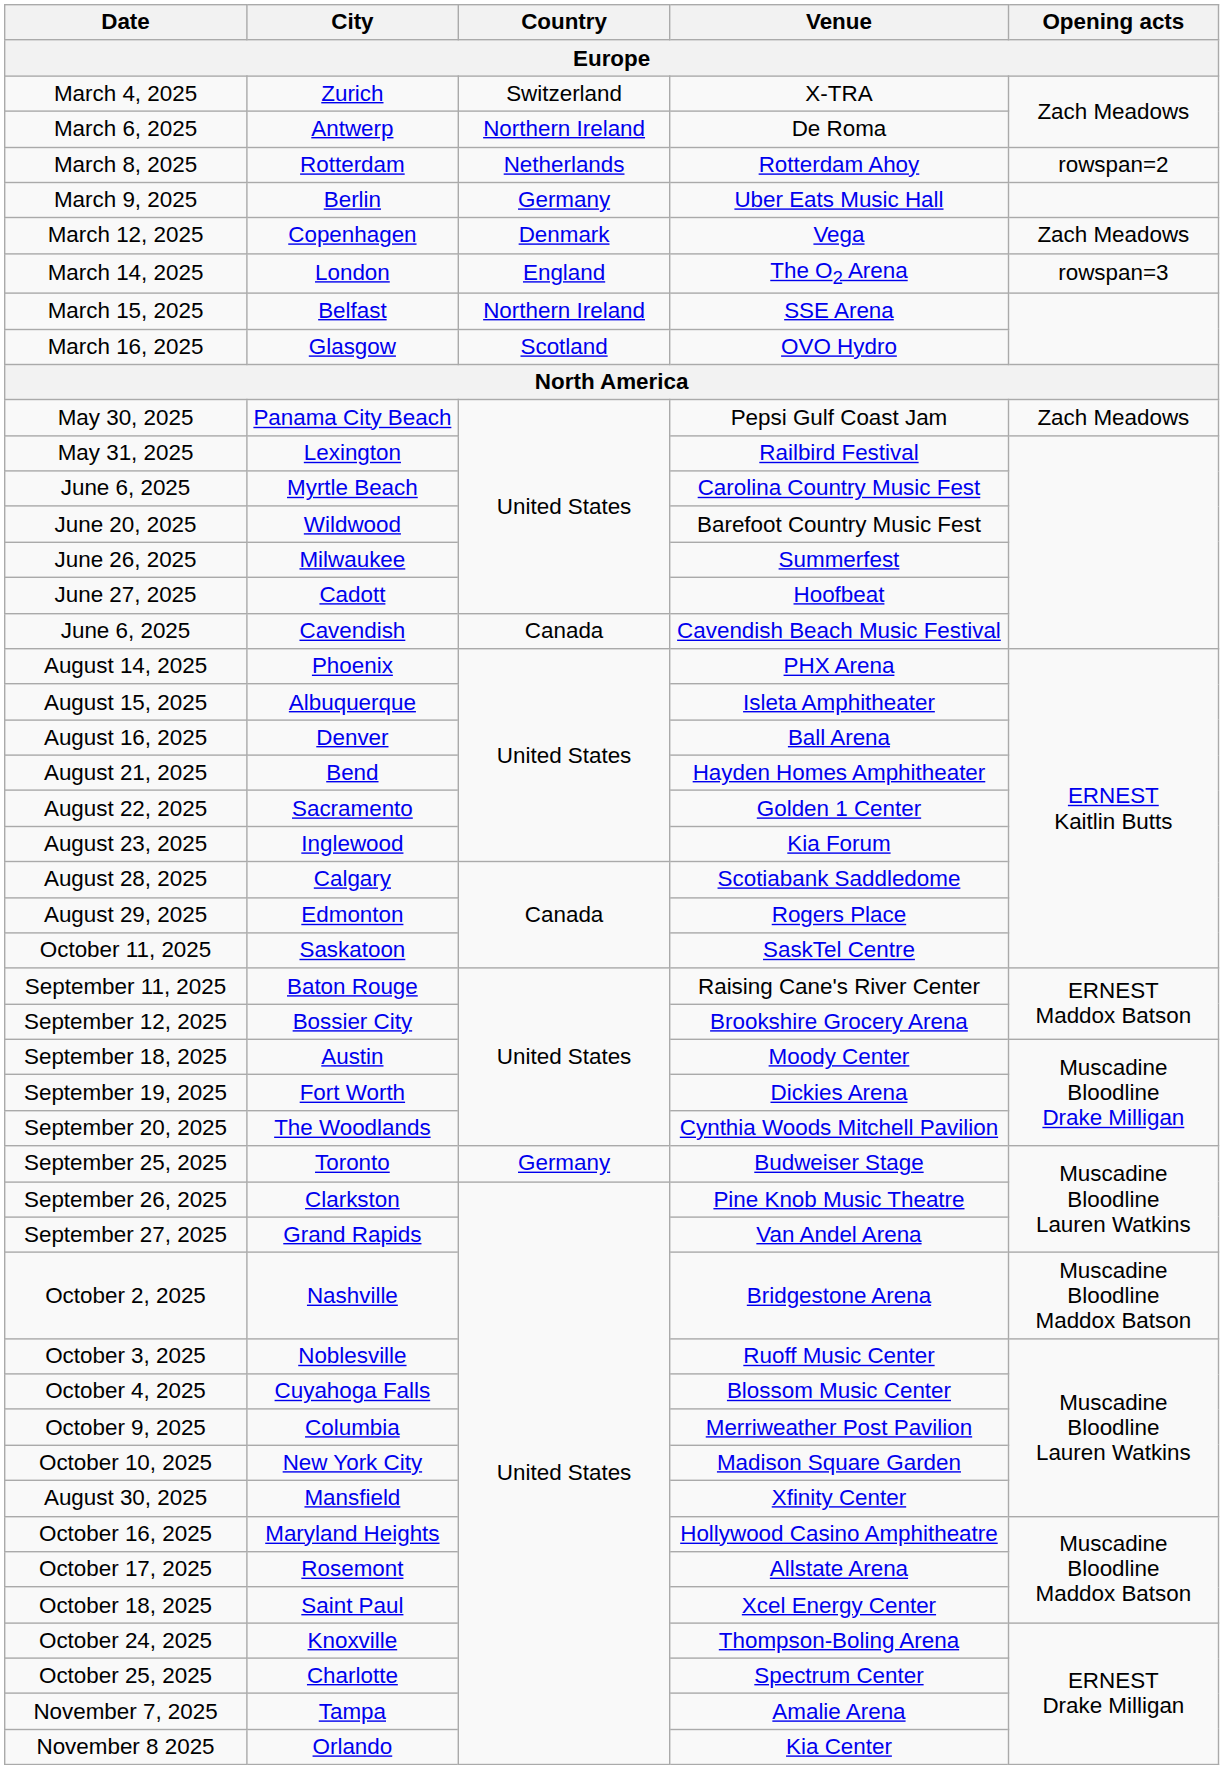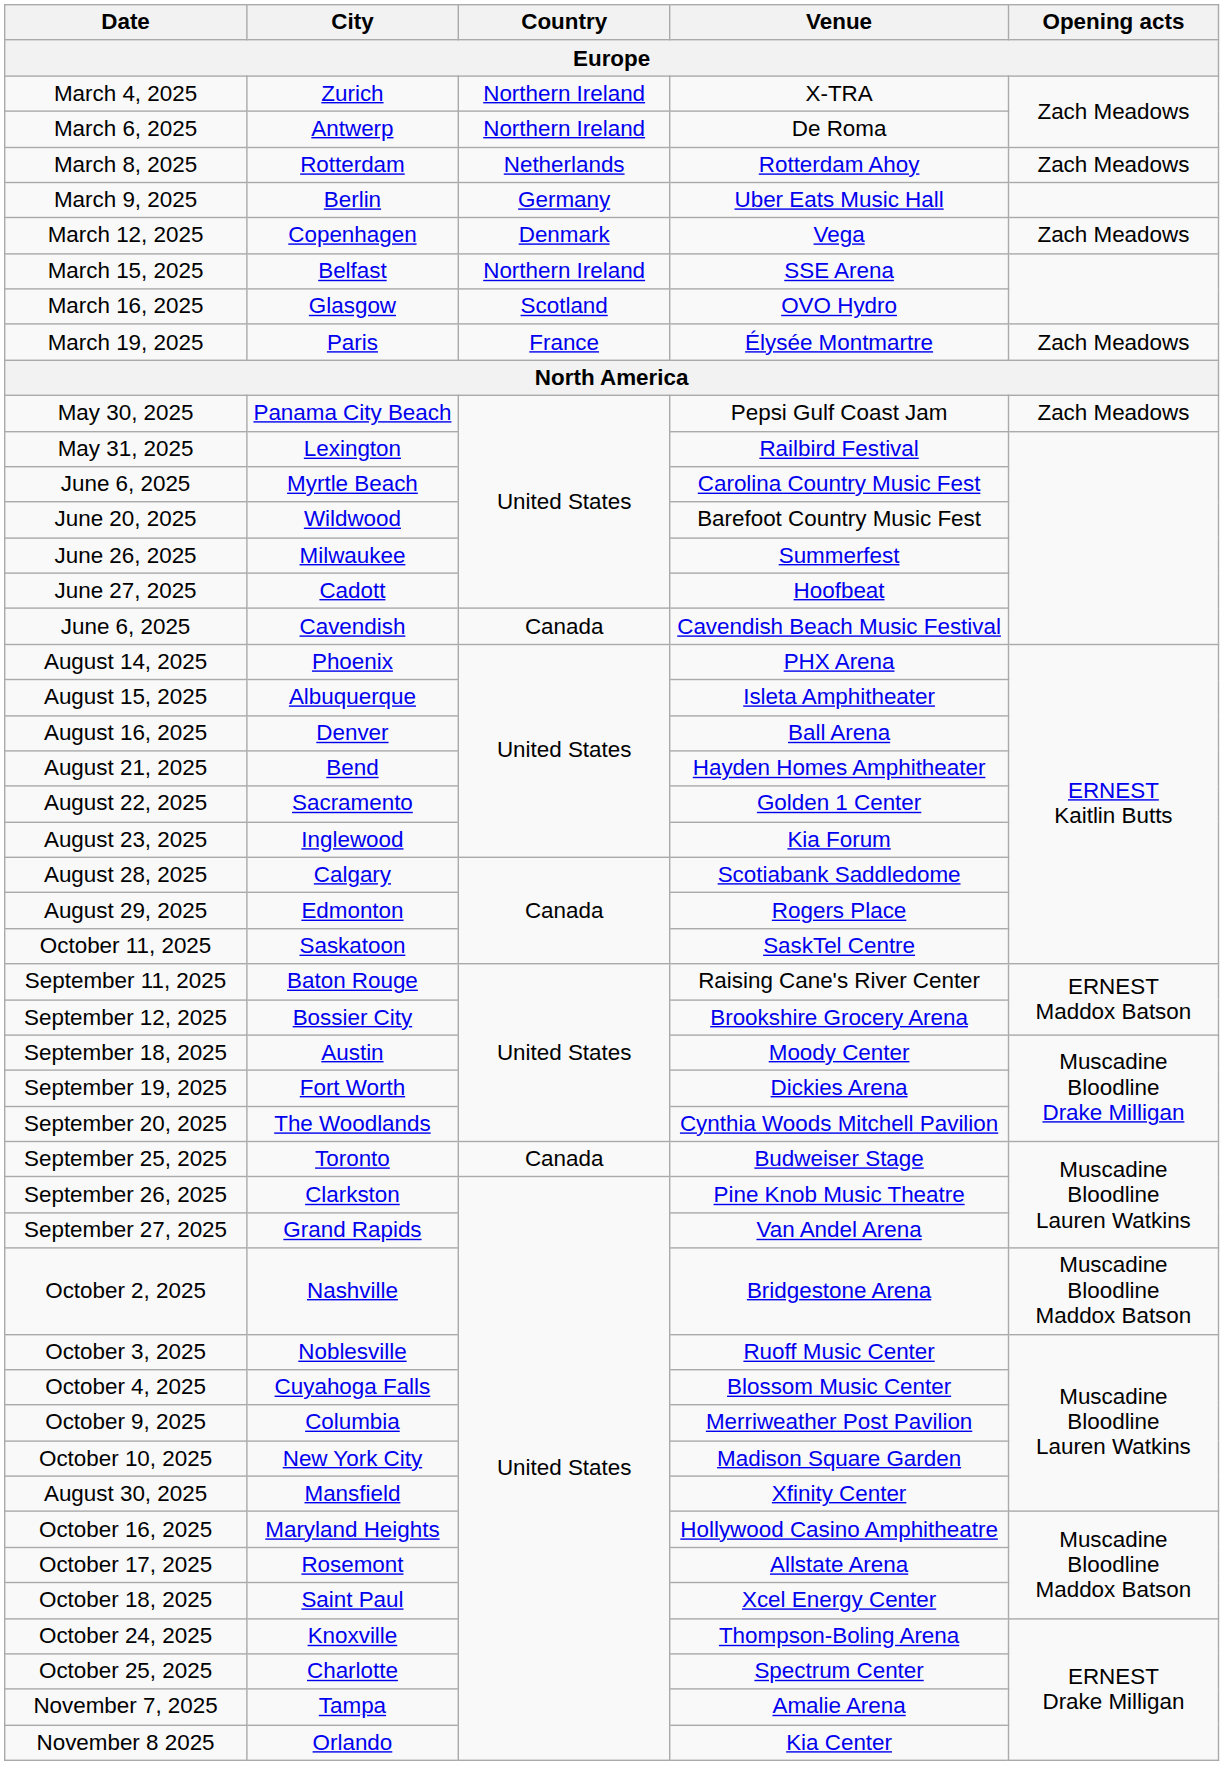 <table class="wikitable" style="text-align:center;">
 <tr>
 <th style="width:175px;">Date</th>
 <th style="width:150px;">City</th>
 <th style="width:150px;">Country</th>
 <th style="width:250px;">Venue</th>
 <th style="width:150px;">Opening acts</th>
 </tr>
 <tr>
 <th colspan="5">Europe</th>
 </tr>
 <tr>
 <td>March 4, 2025</td>
 <td><a href='#'>Zurich</a></td>
-<td>Switzerland</td>
+<td><a href='#'>Northern Ireland</a></td>
 <td>X-TRA</td>
 <td rowspan=2>Zach Meadows</td>
 </tr>
 <tr>
 <td>March 6, 2025</td>
 <td><a href='#'>Antwerp</a></td>
 <td><a href='#'>Northern Ireland</a></td>
 <td>De Roma</td>
 </tr>
 <tr>
 <td>March 8, 2025</td>
 <td><a href='#'>Rotterdam</a></td>
 <td><a href='#'>Netherlands</a></td>
 <td><a href='#'>Rotterdam Ahoy</a></td>
-<td>rowspan=2 </td>
+<td>Zach Meadows</td>
 </tr>
 <tr>
 <td>March 9, 2025</td>
 <td><a href='#'>Berlin</a></td>
 <td><a href='#'>Germany</a></td>
 <td><a href='#'>Uber Eats Music Hall</a></td>
 </tr>
 <tr>
 <td>March 12, 2025</td>
 <td><a href='#'>Copenhagen</a></td>
 <td><a href='#'>Denmark</a></td>
 <td><a href='#'>Vega</a></td>
 <td>Zach Meadows</td>
 </tr>
 <tr>
-<td>March 14, 2025</td>
-<td><a href='#'>London</a></td>
-<td><a href='#'>England</a></td>
-<td><a href='#'>The O<sub>2</sub> Arena</a></td>
-<td>rowspan=3 </td>
-</tr>
-<tr>
 <td>March 15, 2025</td>
 <td><a href='#'>Belfast</a></td>
 <td><a href='#'>Northern Ireland</a></td>
 <td><a href='#'>SSE Arena</a></td>
 </tr>
 <tr>
 <td>March 16, 2025</td>
 <td><a href='#'>Glasgow</a></td>
 <td><a href='#'>Scotland</a></td>
 <td><a href='#'>OVO Hydro</a></td>
+</tr>
+<tr>
+<td>March 19, 2025</td>
+<td><a href='#'>Paris</a></td>
+<td><a href='#'>France</a></td>
+<td><a href='#'>Élysée Montmartre</a></td>
+<td>Zach Meadows</td>
 </tr>
 <tr>
 <th colspan="5">North America</th>
 </tr>
 <tr>
 <td>May 30, 2025</td>
 <td><a href='#'>Panama City Beach</a></td>
 <td rowspan=6>United States</td>
 <td>Pepsi Gulf Coast Jam</td>
 <td>Zach Meadows</td>
 </tr>
 <tr>
 <td>May 31, 2025</td>
 <td><a href='#'>Lexington</a></td>
 <td><a href='#'>Railbird Festival</a></td>
 </tr>
 <tr>
 <td>June 6, 2025</td>
 <td><a href='#'>Myrtle Beach</a></td>
 <td><a href='#'>Carolina Country Music Fest</a></td>
 </tr>
 <tr>
 <td>June 20, 2025</td>
 <td><a href='#'>Wildwood</a></td>
 <td>Barefoot Country Music Fest</td>
 </tr>
 <tr>
 <td>June 26, 2025</td>
 <td><a href='#'>Milwaukee</a></td>
 <td><a href='#'>Summerfest</a></td>
 </tr>
 <tr>
 <td>June 27, 2025</td>
 <td><a href='#'>Cadott</a></td>
 <td><a href='#'>Hoofbeat</a></td>
 </tr>
 <tr>
 <td>June 6, 2025</td>
 <td><a href='#'>Cavendish</a></td>
 <td>Canada</td>
 <td><a href='#'>Cavendish Beach Music Festival</a></td>
 </tr>
 <tr>
 <td>August 14, 2025</td>
 <td><a href='#'>Phoenix</a></td>
 <td rowspan=6>United States</td>
 <td><a href='#'>PHX Arena</a></td>
 <td rowspan=9><a href='#'>ERNEST</a><br>Kaitlin Butts</td>
 </tr>
 <tr>
 <td>August 15, 2025</td>
 <td><a href='#'>Albuquerque</a></td>
 <td><a href='#'>Isleta Amphitheater</a></td>
 </tr>
 <tr>
 <td>August 16, 2025</td>
 <td><a href='#'>Denver</a></td>
 <td><a href='#'>Ball Arena</a></td>
 </tr>
 <tr>
 <td>August 21, 2025</td>
 <td><a href='#'>Bend</a></td>
 <td><a href='#'>Hayden Homes Amphitheater</a></td>
 </tr>
 <tr>
 <td>August 22, 2025</td>
 <td><a href='#'>Sacramento</a></td>
 <td><a href='#'>Golden 1 Center</a></td>
 </tr>
 <tr>
 <td>August 23, 2025</td>
 <td><a href='#'>Inglewood</a></td>
 <td><a href='#'>Kia Forum</a></td>
 </tr>
 <tr>
 <td>August 28, 2025</td>
 <td><a href='#'>Calgary</a></td>
 <td rowspan=3>Canada</td>
 <td><a href='#'>Scotiabank Saddledome</a></td>
 </tr>
 <tr>
 <td>August 29, 2025</td>
 <td><a href='#'>Edmonton</a></td>
 <td><a href='#'>Rogers Place</a></td>
 </tr>
 <tr>
 <td>October 11, 2025</td>
 <td><a href='#'>Saskatoon</a></td>
 <td><a href='#'>SaskTel Centre</a></td>
 </tr>
 <tr>
 <td>September 11, 2025</td>
 <td><a href='#'>Baton Rouge</a></td>
 <td rowspan=5>United States</td>
 <td>Raising Cane's River Center</td>
 <td rowspan=2>ERNEST<br>Maddox Batson</td>
 </tr>
 <tr>
 <td>September 12, 2025</td>
 <td><a href='#'>Bossier City</a></td>
 <td><a href='#'>Brookshire Grocery Arena</a></td>
 </tr>
 <tr>
 <td>September 18, 2025</td>
 <td><a href='#'>Austin</a></td>
 <td><a href='#'>Moody Center</a></td>
 <td rowspan=3>Muscadine Bloodline<br><a href='#'>Drake Milligan</a></td>
 </tr>
 <tr>
 <td>September 19, 2025</td>
 <td><a href='#'>Fort Worth</a></td>
 <td><a href='#'>Dickies Arena</a></td>
 </tr>
 <tr>
 <td>September 20, 2025</td>
 <td><a href='#'>The Woodlands</a></td>
 <td><a href='#'>Cynthia Woods Mitchell Pavilion</a></td>
 </tr>
 <tr>
 <td>September 25, 2025</td>
 <td><a href='#'>Toronto</a></td>
-<td><a href='#'>Germany</a></td>
+<td>Canada</td>
 <td><a href='#'>Budweiser Stage</a></td>
 <td rowspan=3>Muscadine Bloodline<br>Lauren Watkins</td>
 </tr>
 <tr>
 <td>September 26, 2025</td>
 <td><a href='#'>Clarkston</a></td>
 <td rowspan=15>United States</td>
 <td><a href='#'>Pine Knob Music Theatre</a></td>
 </tr>
 <tr>
 <td>September 27, 2025</td>
 <td><a href='#'>Grand Rapids</a></td>
 <td><a href='#'>Van Andel Arena</a></td>
 </tr>
 <tr>
 <td>October 2, 2025</td>
 <td><a href='#'>Nashville</a></td>
 <td><a href='#'>Bridgestone Arena</a></td>
 <td>Muscadine Bloodline<br>Maddox Batson</td>
 </tr>
 <tr>
 <td>October 3, 2025</td>
 <td><a href='#'>Noblesville</a></td>
 <td><a href='#'>Ruoff Music Center</a></td>
 <td rowspan=5>Muscadine Bloodline<br>Lauren Watkins</td>
 </tr>
 <tr>
 <td>October 4, 2025</td>
 <td><a href='#'>Cuyahoga Falls</a></td>
 <td><a href='#'>Blossom Music Center</a></td>
 </tr>
 <tr>
 <td>October 9, 2025</td>
 <td><a href='#'>Columbia</a></td>
 <td><a href='#'>Merriweather Post Pavilion</a></td>
 </tr>
 <tr>
 <td>October 10, 2025</td>
 <td><a href='#'>New York City</a></td>
 <td><a href='#'>Madison Square Garden</a></td>
 </tr>
 <tr>
 <td>August 30, 2025</td>
 <td><a href='#'>Mansfield</a></td>
 <td><a href='#'>Xfinity Center</a></td>
 </tr>
 <tr>
 <td>October 16, 2025</td>
 <td><a href='#'>Maryland Heights</a></td>
 <td><a href='#'>Hollywood Casino Amphitheatre</a></td>
 <td rowspan=3>Muscadine Bloodline<br>Maddox Batson</td>
 </tr>
 <tr>
 <td>October 17, 2025</td>
 <td><a href='#'>Rosemont</a></td>
 <td><a href='#'>Allstate Arena</a></td>
 </tr>
 <tr>
 <td>October 18, 2025</td>
 <td><a href='#'>Saint Paul</a></td>
 <td><a href='#'>Xcel Energy Center</a></td>
 </tr>
 <tr>
 <td>October 24, 2025</td>
 <td><a href='#'>Knoxville</a></td>
 <td><a href='#'>Thompson-Boling Arena</a></td>
 <td rowspan=4>ERNEST<br>Drake Milligan</td>
 </tr>
 <tr>
 <td>October 25, 2025</td>
 <td><a href='#'>Charlotte</a></td>
 <td><a href='#'>Spectrum Center</a></td>
 </tr>
 <tr>
 <td>November 7, 2025</td>
 <td><a href='#'>Tampa</a></td>
 <td><a href='#'>Amalie Arena</a></td>
 </tr>
 <tr>
 <td>November 8 2025</td>
 <td><a href='#'>Orlando</a></td>
 <td><a href='#'>Kia Center</a></td>
 </tr>
 </table>
